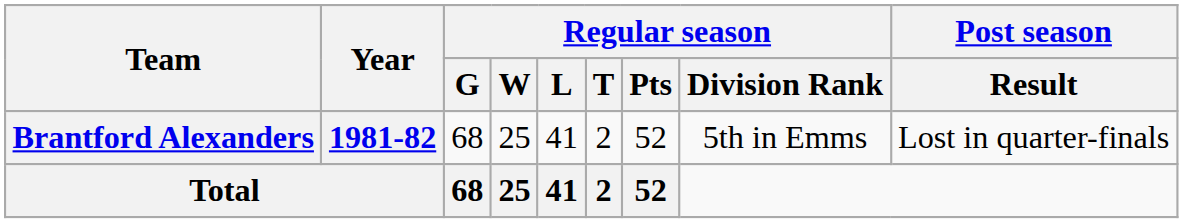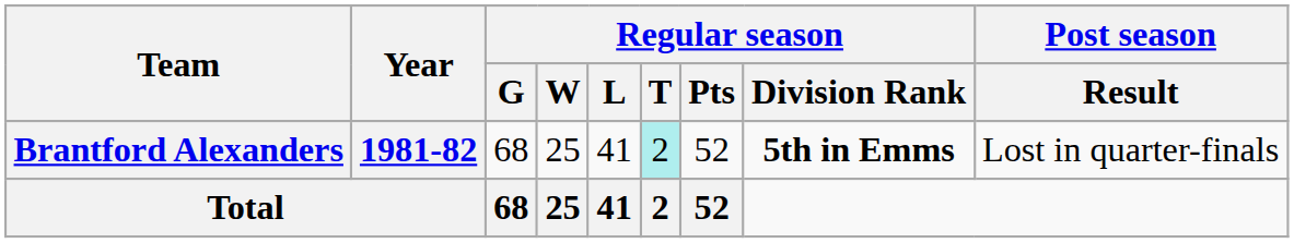 <table class="wikitable" style="font-size: 95%; text-align:center;">
 <tr>
 <th rowspan="2">Team</th>
 <th rowspan="2">Year</th>
 <th colspan="6"><a href='#'>Regular season</a></th>
 <th colspan="1"><a href='#'>Post season</a></th>
 </tr>
 <tr>
 <th>G</th>
 <th>W</th>
 <th>L</th>
 <th>T</th>
 <th>Pts</th>
 <th>Division Rank</th>
 <th>Result</th>
 </tr>
 <tr>
 <th><a href='#'>Brantford Alexanders</a></th>
 <th><a href='#'>1981-82</a></th>
 <td>68</td>
 <td>25</td>
 <td>41</td>
-<td>2</td>
+<td style="background: paleturquoise;">2</td>
 <td>52</td>
-<td>5th in Emms</td>
+<td><strong>5th in Emms</strong></td>
 <td>Lost in quarter-finals</td>
 </tr>
 <tr>
 <th colspan="2">Total</th>
 <th>68</th>
 <th>25</th>
 <th>41</th>
 <th>2</th>
 <th>52</th>
 </tr>
 </table>
